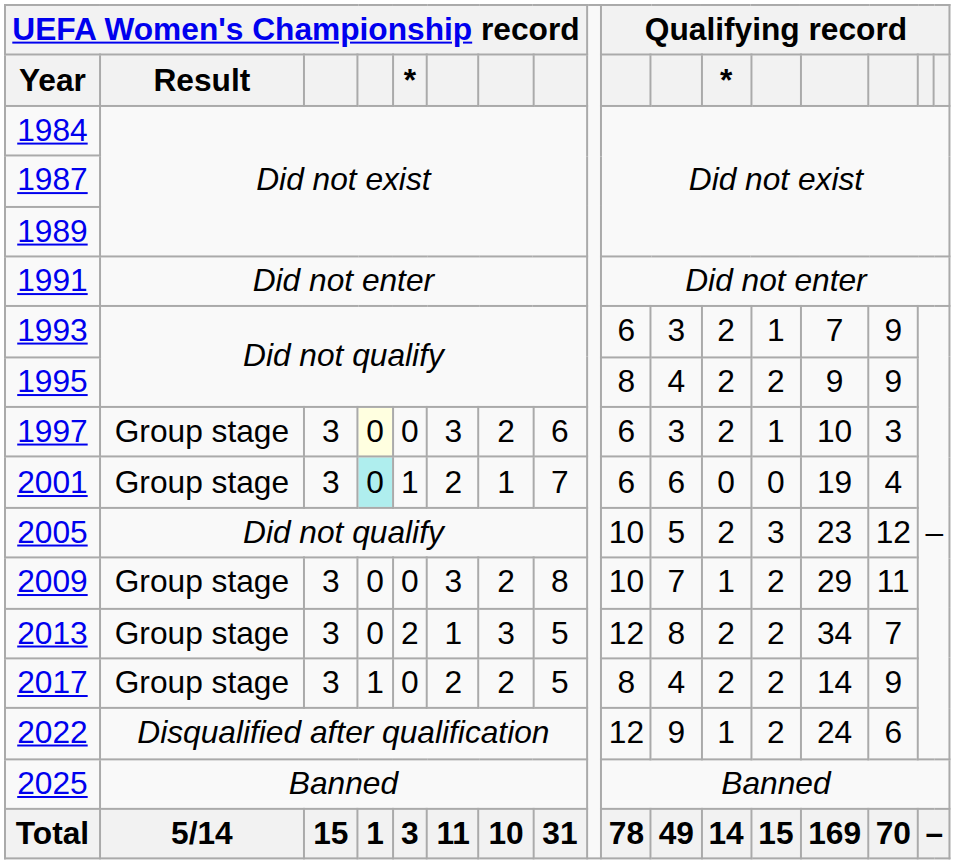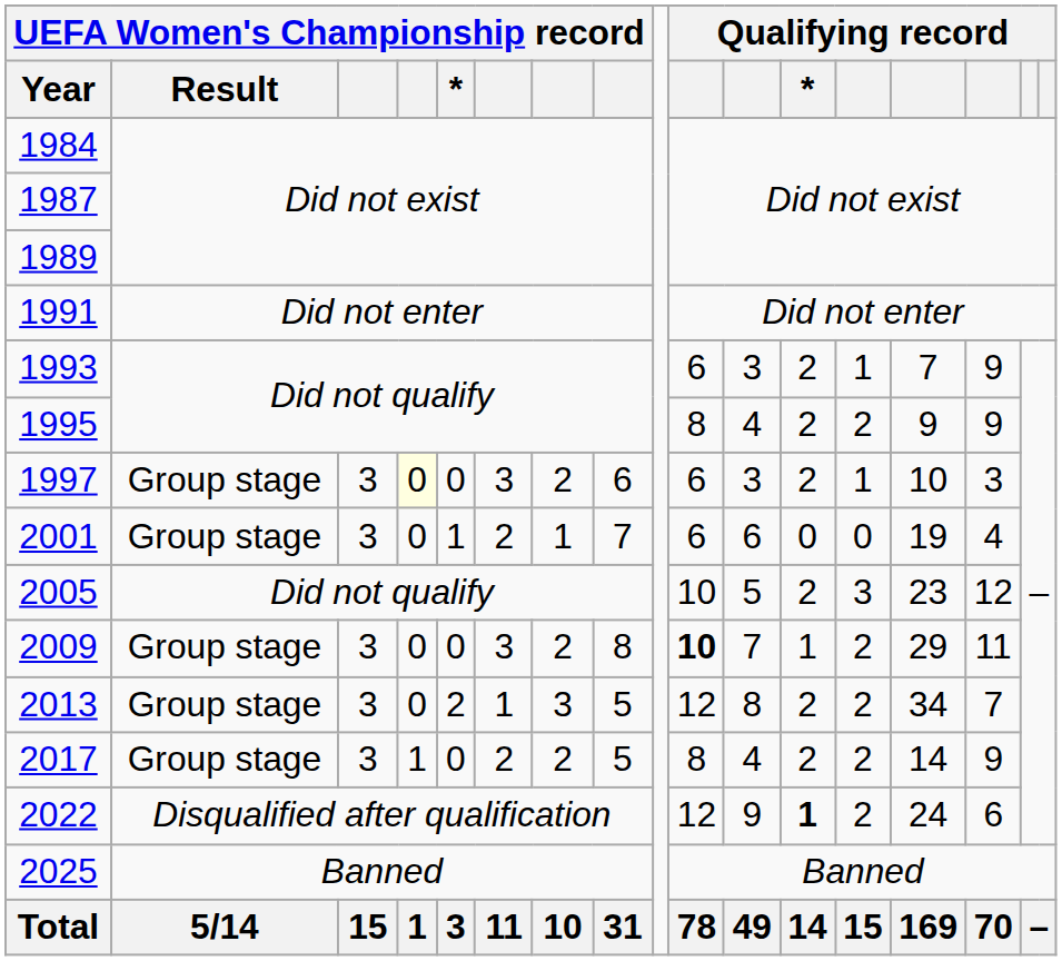 <table class="wikitable" style="text-align: center;">
 <tr>
 <th colspan=8><a href='#'>UEFA Women's Championship</a> record</th>
 <td rowspan=100></td>
 <th colspan=8>Qualifying record</th>
 </tr>
 <tr>
 <th>Year</th>
 <th>Result</th>
 <th></th>
 <th></th>
 <th>*</th>
 <th></th>
 <th></th>
 <th><br></th>
 <th></th>
 <th></th>
 <th>*</th>
 <th></th>
 <th></th>
 <th></th>
 <th></th>
 <th></th>
 </tr>
 <tr>
 <td><a href='#'>1984</a></td>
 <td colspan=7 rowspan=3><em>Did not exist</em></td>
 <td colspan=8 rowspan=3><em>Did not exist</em></td>
 </tr>
 <tr>
 <td><a href='#'>1987</a></td>
 </tr>
 <tr>
 <td><a href='#'>1989</a></td>
 </tr>
 <tr>
 <td> <a href='#'>1991</a></td>
 <td colspan=7><em>Did not enter</em></td>
 <td colspan=8><em>Did not enter</em></td>
 </tr>
 <tr>
 <td> <a href='#'>1993</a></td>
 <td colspan=7 rowspan=2><em>Did not qualify</em></td>
 <td>6</td>
 <td>3</td>
 <td>2</td>
 <td>1</td>
 <td>7</td>
 <td>9</td>
 <td colspan=2 rowspan=9>–</td>
 </tr>
 <tr>
 <td> <a href='#'>1995</a></td>
 <td>8</td>
 <td>4</td>
 <td>2</td>
 <td>2</td>
 <td>9</td>
 <td>9</td>
 </tr>
 <tr>
 <td>  <a href='#'>1997</a></td>
 <td>Group stage</td>
 <td>3</td>
 <td style="background: lightyellow;">0</td>
 <td>0</td>
 <td>3</td>
 <td>2</td>
 <td>6</td>
 <td>6</td>
 <td>3</td>
 <td>2</td>
 <td>1</td>
 <td>10</td>
 <td>3</td>
 </tr>
 <tr>
 <td> <a href='#'>2001</a></td>
 <td>Group stage</td>
 <td>3</td>
-<td style="background: paleturquoise;">0</td>
+<td>0</td>
 <td>1</td>
 <td>2</td>
 <td>1</td>
 <td>7</td>
 <td>6</td>
 <td>6</td>
 <td>0</td>
 <td>0</td>
 <td>19</td>
 <td>4</td>
 </tr>
 <tr>
 <td> <a href='#'>2005</a></td>
 <td colspan=7><em>Did not qualify</em></td>
 <td>10</td>
 <td>5</td>
 <td>2</td>
 <td>3</td>
 <td>23</td>
 <td>12</td>
 </tr>
 <tr>
 <td> <a href='#'>2009</a></td>
 <td>Group stage</td>
 <td>3</td>
 <td>0</td>
 <td>0</td>
 <td>3</td>
 <td>2</td>
 <td>8</td>
-<td>10</td>
+<td><strong>10</strong></td>
 <td>7</td>
 <td>1</td>
 <td>2</td>
 <td>29</td>
 <td>11</td>
 </tr>
 <tr>
 <td> <a href='#'>2013</a></td>
 <td>Group stage</td>
 <td>3</td>
 <td>0</td>
 <td>2</td>
 <td>1</td>
 <td>3</td>
 <td>5</td>
 <td>12</td>
 <td>8</td>
 <td>2</td>
 <td>2</td>
 <td>34</td>
 <td>7</td>
 </tr>
 <tr>
 <td> <a href='#'>2017</a></td>
 <td>Group stage</td>
 <td>3</td>
 <td>1</td>
 <td>0</td>
 <td>2</td>
 <td>2</td>
 <td>5</td>
 <td>8</td>
 <td>4</td>
 <td>2</td>
 <td>2</td>
 <td>14</td>
 <td>9</td>
 </tr>
 <tr>
 <td> <a href='#'>2022</a></td>
 <td colspan=7><em>Disqualified after qualification</em></td>
 <td>12</td>
 <td>9</td>
-<td>1</td>
+<td><strong>1</strong></td>
 <td>2</td>
 <td>24</td>
 <td>6</td>
 </tr>
 <tr>
 <td> <a href='#'>2025</a></td>
 <td colspan=7><em>Banned</em></td>
 <td colspan=8><em>Banned</em></td>
 </tr>
 <tr>
 <th>Total</th>
 <th>5/14</th>
 <th>15</th>
 <th>1</th>
 <th>3</th>
 <th>11</th>
 <th>10</th>
 <th>31</th>
 <th>78</th>
 <th>49</th>
 <th>14</th>
 <th>15</th>
 <th>169</th>
 <th>70</th>
 <th colspan=2>–</th>
 </tr>
 </table>
